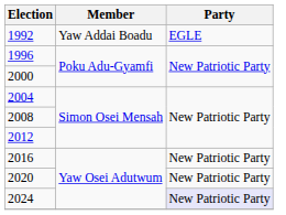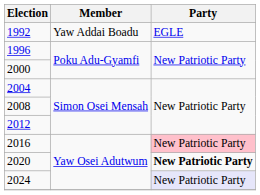 <table class="wikitable">
 <tr>
 <th>Election</th>
 <th>Member</th>
 <th>Party</th>
 </tr>
 <tr>
 <td><a href='#'>1992</a></td>
 <td>Yaw Addai Boadu</td>
 <td><a href='#'>EGLE</a></td>
 </tr>
 <tr>
 <td><a href='#'>1996</a></td>
 <td rowspan="2"><a href='#'>Poku Adu-Gyamfi</a></td>
 <td rowspan="2"><a href='#'>New Patriotic Party</a></td>
 </tr>
 <tr>
 <td>2000</td>
 </tr>
 <tr>
 <td><a href='#'>2004</a></td>
 <td rowspan="3"><a href='#'>Simon Osei Mensah</a></td>
 <td rowspan="3">New Patriotic Party</td>
 </tr>
 <tr>
 <td>2008</td>
 </tr>
 <tr>
 <td><a href='#'>2012</a></td>
 </tr>
 <tr>
 <td>2016</td>
 <td rowspan="3"><a href='#'>Yaw Osei Adutwum</a></td>
-<td>New Patriotic Party</td>
+<td style="background: pink;">New Patriotic Party</td>
 </tr>
 <tr>
 <td>2020</td>
-<td>New Patriotic Party</td>
+<td><strong>New Patriotic Party</strong></td>
 </tr>
 <tr>
 <td>2024</td>
 <td style="background: lavender;">New Patriotic Party</td>
 </tr>
 <tr>
 </tr>
 </table>
